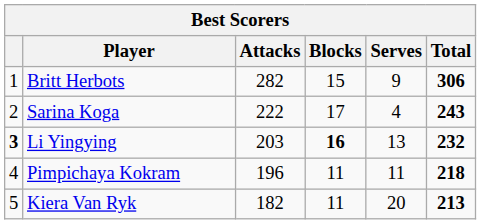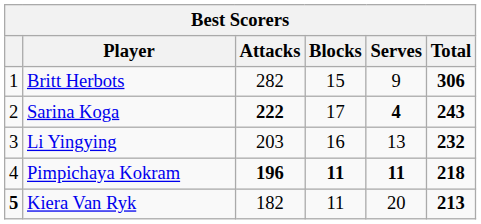 <table class="wikitable sortable" style=font-size:90%>
 <tr>
 <th colspan=6>Best Scorers</th>
 </tr>
 <tr>
 <th></th>
 <th width=158>Player</th>
 <th width=20>Attacks</th>
 <th width=20>Blocks</th>
 <th width=20>Serves</th>
 <th width=20>Total</th>
 </tr>
 <tr>
 <td>1</td>
 <td> <a href='#'>Britt Herbots</a></td>
 <td align=center>282</td>
 <td align=center>15</td>
 <td align=center>9</td>
 <td align=center><strong>306</strong></td>
 </tr>
 <tr>
 <td>2</td>
 <td> <a href='#'>Sarina Koga</a></td>
-<td align=center>222</td>
+<td align=center><strong>222</strong></td>
 <td align=center>17</td>
-<td align=center>4</td>
+<td align=center><strong>4</strong></td>
 <td align=center><strong>243</strong></td>
 </tr>
 <tr>
-<td><strong>3</strong></td>
+<td>3</td>
 <td> <a href='#'>Li Yingying</a></td>
 <td align=center>203</td>
-<td align=center><strong>16</strong></td>
+<td align=center>16</td>
 <td align=center>13</td>
 <td align=center><strong>232</strong></td>
 </tr>
 <tr>
 <td>4</td>
 <td> <a href='#'>Pimpichaya Kokram</a></td>
-<td align=center>196</td>
-<td align=center>11</td>
-<td align=center>11</td>
+<td align=center><strong>196</strong></td>
+<td align=center><strong>11</strong></td>
+<td align=center><strong>11</strong></td>
 <td align=center><strong>218</strong></td>
 </tr>
 <tr>
-<td>5</td>
+<td><strong>5</strong></td>
 <td> <a href='#'>Kiera Van Ryk</a></td>
 <td align=center>182</td>
 <td align=center>11</td>
 <td align=center>20</td>
 <td align=center><strong>213</strong></td>
 </tr>
 </table>
